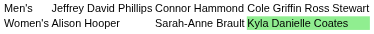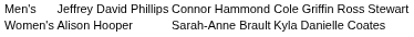 <table>
 <tr>
 <td>Men's</td>
 <td> Jeffrey David Phillips</td>
 <td> Connor Hammond</td>
 <td> Cole Griffin Ross Stewart</td>
 </tr>
 <tr>
 <td>Women's</td>
 <td> Alison Hooper</td>
 <td> Sarah-Anne Brault</td>
-<td style="background: lightgreen;"> Kyla Danielle Coates</td>
+<td> Kyla Danielle Coates</td>
 </tr>
 </table>
